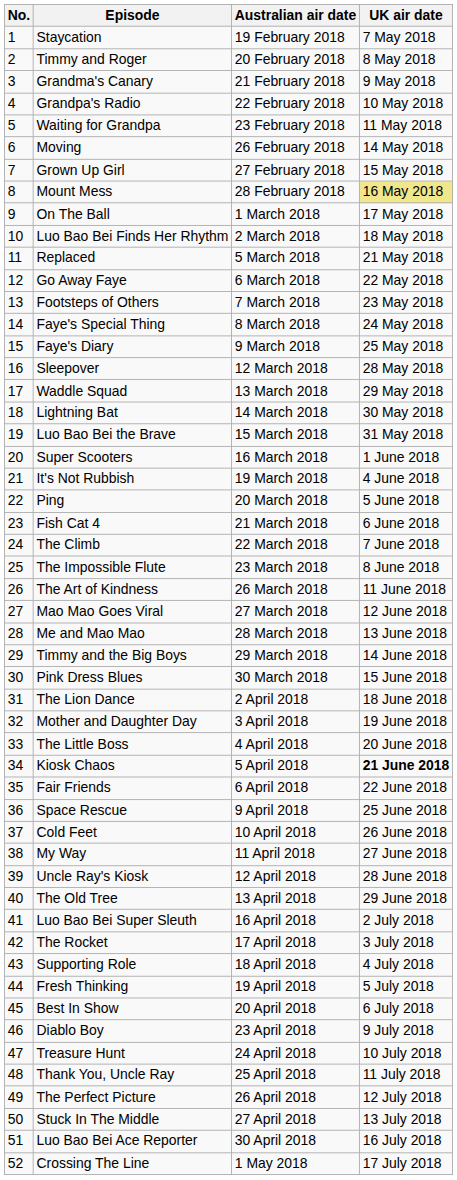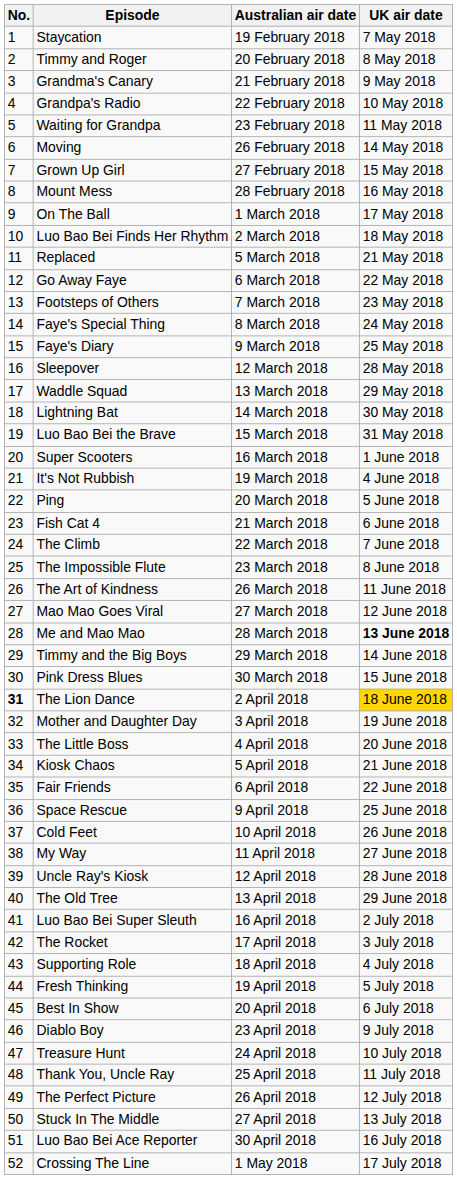 <table class="wikitable">
 <tr>
 <th>No.</th>
 <th>Episode</th>
 <th>Australian air date</th>
 <th>UK air date</th>
 </tr>
 <tr>
 <td>1</td>
 <td>Staycation</td>
 <td>19 February 2018</td>
 <td>7 May 2018</td>
 </tr>
 <tr>
 <td>2</td>
 <td>Timmy and Roger</td>
 <td>20 February 2018</td>
 <td>8 May 2018</td>
 </tr>
 <tr>
 <td>3</td>
 <td>Grandma's Canary</td>
 <td>21 February 2018</td>
 <td>9 May 2018</td>
 </tr>
 <tr>
 <td>4</td>
 <td>Grandpa's Radio</td>
 <td>22 February 2018</td>
 <td>10 May 2018</td>
 </tr>
 <tr>
 <td>5</td>
 <td>Waiting for Grandpa</td>
 <td>23 February 2018</td>
 <td>11 May 2018</td>
 </tr>
 <tr>
 <td>6</td>
 <td>Moving</td>
 <td>26 February 2018</td>
 <td>14 May 2018</td>
 </tr>
 <tr>
 <td>7</td>
 <td>Grown Up Girl</td>
 <td>27 February 2018</td>
 <td>15 May 2018</td>
 </tr>
 <tr>
 <td>8</td>
 <td>Mount Mess</td>
 <td>28 February 2018</td>
-<td style="background: khaki;">16 May 2018</td>
+<td>16 May 2018</td>
 </tr>
 <tr>
 <td>9</td>
 <td>On The Ball</td>
 <td>1 March 2018</td>
 <td>17 May 2018</td>
 </tr>
 <tr>
 <td>10</td>
 <td>Luo Bao Bei Finds Her Rhythm</td>
 <td>2 March 2018</td>
 <td>18 May 2018</td>
 </tr>
 <tr>
 <td>11</td>
 <td>Replaced</td>
 <td>5 March 2018</td>
 <td>21 May 2018</td>
 </tr>
 <tr>
 <td>12</td>
 <td>Go Away Faye</td>
 <td>6 March 2018</td>
 <td>22 May 2018</td>
 </tr>
 <tr>
 <td>13</td>
 <td>Footsteps of Others</td>
 <td>7 March 2018</td>
 <td>23 May 2018</td>
 </tr>
 <tr>
 <td>14</td>
 <td>Faye's Special Thing</td>
 <td>8 March 2018</td>
 <td>24 May 2018</td>
 </tr>
 <tr>
 <td>15</td>
 <td>Faye's Diary</td>
 <td>9 March 2018</td>
 <td>25 May 2018</td>
 </tr>
 <tr>
 <td>16</td>
 <td>Sleepover</td>
 <td>12 March 2018</td>
 <td>28 May 2018</td>
 </tr>
 <tr>
 <td>17</td>
 <td>Waddle Squad</td>
 <td>13 March 2018</td>
 <td>29 May 2018</td>
 </tr>
 <tr>
 <td>18</td>
 <td>Lightning Bat</td>
 <td>14 March 2018</td>
 <td>30 May 2018</td>
 </tr>
 <tr>
 <td>19</td>
 <td>Luo Bao Bei the Brave</td>
 <td>15 March 2018</td>
 <td>31 May 2018</td>
 </tr>
 <tr>
 <td>20</td>
 <td>Super Scooters</td>
 <td>16 March 2018</td>
 <td>1 June 2018</td>
 </tr>
 <tr>
 <td>21</td>
 <td>It's Not Rubbish</td>
 <td>19 March 2018</td>
 <td>4 June 2018</td>
 </tr>
 <tr>
 <td>22</td>
 <td>Ping</td>
 <td>20 March 2018</td>
 <td>5 June 2018</td>
 </tr>
 <tr>
 <td>23</td>
 <td>Fish Cat 4</td>
 <td>21 March 2018</td>
 <td>6 June 2018</td>
 </tr>
 <tr>
 <td>24</td>
 <td>The Climb</td>
 <td>22 March 2018</td>
 <td>7 June 2018</td>
 </tr>
 <tr>
 <td>25</td>
 <td>The Impossible Flute</td>
 <td>23 March 2018</td>
 <td>8 June 2018</td>
 </tr>
 <tr>
 <td>26</td>
 <td>The Art of Kindness</td>
 <td>26 March 2018</td>
 <td>11 June 2018</td>
 </tr>
 <tr>
 <td>27</td>
 <td>Mao Mao Goes Viral</td>
 <td>27 March 2018</td>
 <td>12 June 2018</td>
 </tr>
 <tr>
 <td>28</td>
 <td>Me and Mao Mao</td>
 <td>28 March 2018</td>
-<td>13 June 2018</td>
+<td><strong>13 June 2018</strong></td>
 </tr>
 <tr>
 <td>29</td>
 <td>Timmy and the Big Boys</td>
 <td>29 March 2018</td>
 <td>14 June 2018</td>
 </tr>
 <tr>
 <td>30</td>
 <td>Pink Dress Blues</td>
 <td>30 March 2018</td>
 <td>15 June 2018</td>
 </tr>
 <tr>
-<td>31</td>
+<td><strong>31</strong></td>
 <td>The Lion Dance</td>
 <td>2 April 2018</td>
-<td>18 June 2018</td>
+<td style="background: gold;">18 June 2018</td>
 </tr>
 <tr>
 <td>32</td>
 <td>Mother and Daughter Day</td>
 <td>3 April 2018</td>
 <td>19 June 2018</td>
 </tr>
 <tr>
 <td>33</td>
 <td>The Little Boss</td>
 <td>4 April 2018</td>
 <td>20 June 2018</td>
 </tr>
 <tr>
 <td>34</td>
 <td>Kiosk Chaos</td>
 <td>5 April 2018</td>
-<td><strong>21 June 2018</strong></td>
+<td>21 June 2018</td>
 </tr>
 <tr>
 <td>35</td>
 <td>Fair Friends</td>
 <td>6 April 2018</td>
 <td>22 June 2018</td>
 </tr>
 <tr>
 <td>36</td>
 <td>Space Rescue</td>
 <td>9 April 2018</td>
 <td>25 June 2018</td>
 </tr>
 <tr>
 <td>37</td>
 <td>Cold Feet</td>
 <td>10 April 2018</td>
 <td>26 June 2018</td>
 </tr>
 <tr>
 <td>38</td>
 <td>My Way</td>
 <td>11 April 2018</td>
 <td>27 June 2018</td>
 </tr>
 <tr>
 <td>39</td>
 <td>Uncle Ray's Kiosk</td>
 <td>12 April 2018</td>
 <td>28 June 2018</td>
 </tr>
 <tr>
 <td>40</td>
 <td>The Old Tree</td>
 <td>13 April 2018</td>
 <td>29 June 2018</td>
 </tr>
 <tr>
 <td>41</td>
 <td>Luo Bao Bei Super Sleuth</td>
 <td>16 April 2018</td>
 <td>2 July 2018</td>
 </tr>
 <tr>
 <td>42</td>
 <td>The Rocket</td>
 <td>17 April 2018</td>
 <td>3 July 2018</td>
 </tr>
 <tr>
 <td>43</td>
 <td>Supporting Role</td>
 <td>18 April 2018</td>
 <td>4 July 2018</td>
 </tr>
 <tr>
 <td>44</td>
 <td>Fresh Thinking</td>
 <td>19 April 2018</td>
 <td>5 July 2018</td>
 </tr>
 <tr>
 <td>45</td>
 <td>Best In Show</td>
 <td>20 April 2018</td>
 <td>6 July 2018</td>
 </tr>
 <tr>
 <td>46</td>
 <td>Diablo Boy</td>
 <td>23 April 2018</td>
 <td>9 July 2018</td>
 </tr>
 <tr>
 <td>47</td>
 <td>Treasure Hunt</td>
 <td>24 April 2018</td>
 <td>10 July 2018</td>
 </tr>
 <tr>
 <td>48</td>
 <td>Thank You, Uncle Ray</td>
 <td>25 April 2018</td>
 <td>11 July 2018</td>
 </tr>
 <tr>
 <td>49</td>
 <td>The Perfect Picture</td>
 <td>26 April 2018</td>
 <td>12 July 2018</td>
 </tr>
 <tr>
 <td>50</td>
 <td>Stuck In The Middle</td>
 <td>27 April 2018</td>
 <td>13 July 2018</td>
 </tr>
 <tr>
 <td>51</td>
 <td>Luo Bao Bei Ace Reporter</td>
 <td>30 April 2018</td>
 <td>16 July 2018</td>
 </tr>
 <tr>
 <td>52</td>
 <td>Crossing The Line</td>
 <td>1 May 2018</td>
 <td>17 July 2018</td>
 </tr>
 </table>
